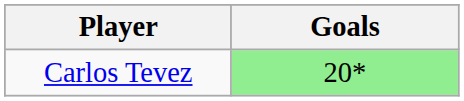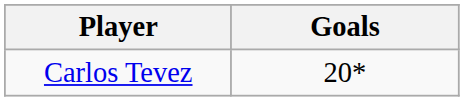 <table class="wikitable">
 <tr>
 <th width="120">Player</th>
 <th width="120">Goals</th>
 </tr>
 <tr>
 <td align="center"> <a href='#'>Carlos Tevez</a></td>
-<td align="center" style="background: lightgreen;">20*</td>
+<td align="center">20*</td>
 </tr>
 </table>
